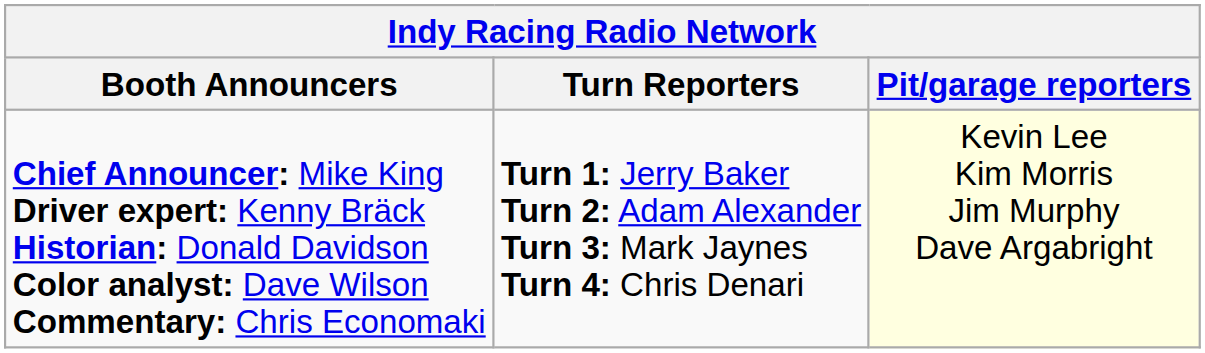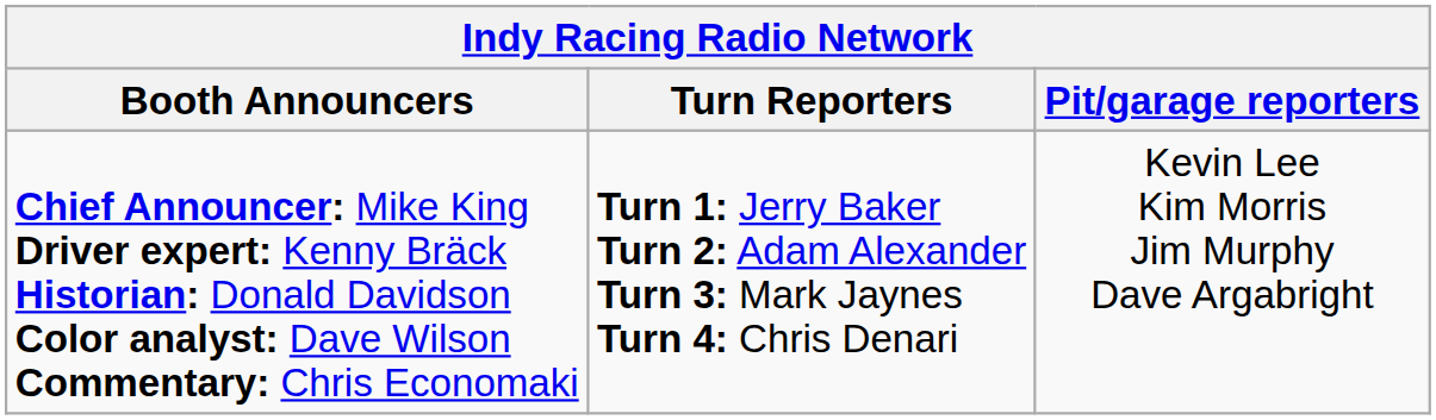 <table class="wikitable" style="font-size: 95%;">
 <tr>
 <th colspan=3><a href='#'>Indy Racing Radio Network</a></th>
 </tr>
 <tr>
 <th>Booth Announcers</th>
 <th>Turn Reporters</th>
 <th><a href='#'>Pit/garage reporters</a></th>
 </tr>
 <tr>
 <td valign="top"><br><strong><a href='#'>Chief Announcer</a>:</strong> <a href='#'>Mike King</a><br> <strong>Driver expert:</strong> <a href='#'>Kenny Bräck</a><br> <strong><a href='#'>Historian</a>:</strong> <a href='#'>Donald Davidson</a><br> <strong>Color analyst:</strong> <a href='#'>Dave Wilson</a><br> <strong>Commentary:</strong> <a href='#'>Chris Economaki</a><br></td>
 <td valign="top"><br><strong>Turn 1:</strong> <a href='#'>Jerry Baker</a><br>   <strong>Turn 2:</strong> <a href='#'>Adam Alexander</a><br> <strong>Turn 3:</strong> Mark Jaynes<br> <strong>Turn 4:</strong> Chris Denari<br></td>
-<td align="center" valign="top" style="background: lightyellow;">Kevin Lee<br>Kim Morris<br>Jim Murphy<br>Dave Argabright<br></td>
+<td align="center" valign="top">Kevin Lee<br>Kim Morris<br>Jim Murphy<br>Dave Argabright<br></td>
 </tr>
 </table>
